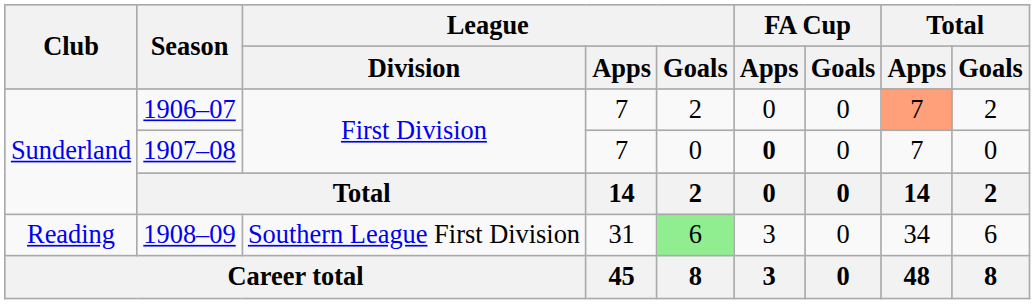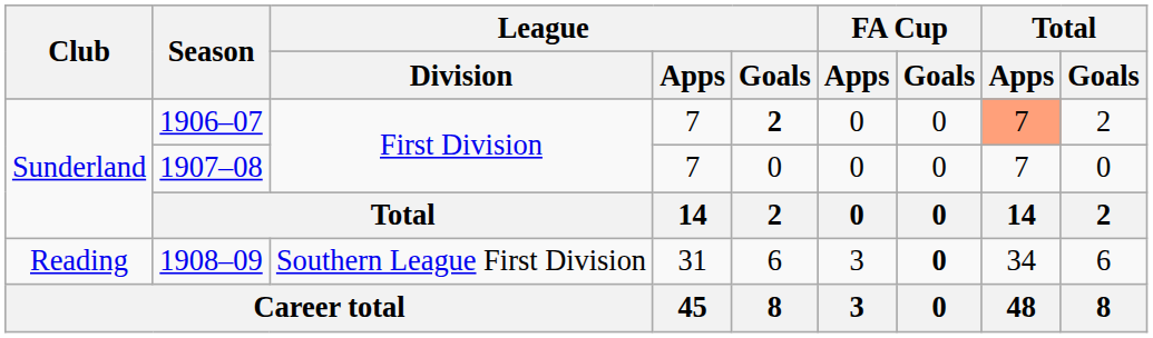 <table class="wikitable" style="text-align: center;">
 <tr>
 <th rowspan="2">Club</th>
 <th rowspan="2">Season</th>
 <th colspan="3">League</th>
 <th colspan="2">FA Cup</th>
 <th colspan="2">Total</th>
 </tr>
 <tr>
 <th>Division</th>
 <th>Apps</th>
 <th>Goals</th>
 <th>Apps</th>
 <th>Goals</th>
 <th>Apps</th>
 <th>Goals</th>
 </tr>
 <tr>
 <td rowspan="3"><a href='#'>Sunderland</a></td>
 <td><a href='#'>1906–07</a></td>
 <td rowspan="2"><a href='#'>First Division</a></td>
 <td>7</td>
-<td>2</td>
+<td><strong>2</strong></td>
 <td>0</td>
 <td>0</td>
 <td style="background: lightsalmon;">7</td>
 <td>2</td>
 </tr>
 <tr>
 <td><a href='#'>1907–08</a></td>
 <td>7</td>
 <td>0</td>
-<td><strong>0</strong></td>
+<td>0</td>
 <td>0</td>
 <td>7</td>
 <td>0</td>
 </tr>
 <tr>
 <th colspan="2">Total</th>
 <th>14</th>
 <th>2</th>
 <th>0</th>
 <th>0</th>
 <th>14</th>
 <th>2</th>
 </tr>
 <tr>
 <td><a href='#'>Reading</a></td>
 <td><a href='#'>1908–09</a></td>
 <td><a href='#'>Southern League</a> First Division</td>
 <td>31</td>
-<td style="background: lightgreen;">6</td>
+<td>6</td>
 <td>3</td>
-<td>0</td>
+<td><strong>0</strong></td>
 <td>34</td>
 <td>6</td>
 </tr>
 <tr>
 <th colspan="3">Career total</th>
 <th>45</th>
 <th>8</th>
 <th>3</th>
 <th>0</th>
 <th>48</th>
 <th>8</th>
 </tr>
 </table>
